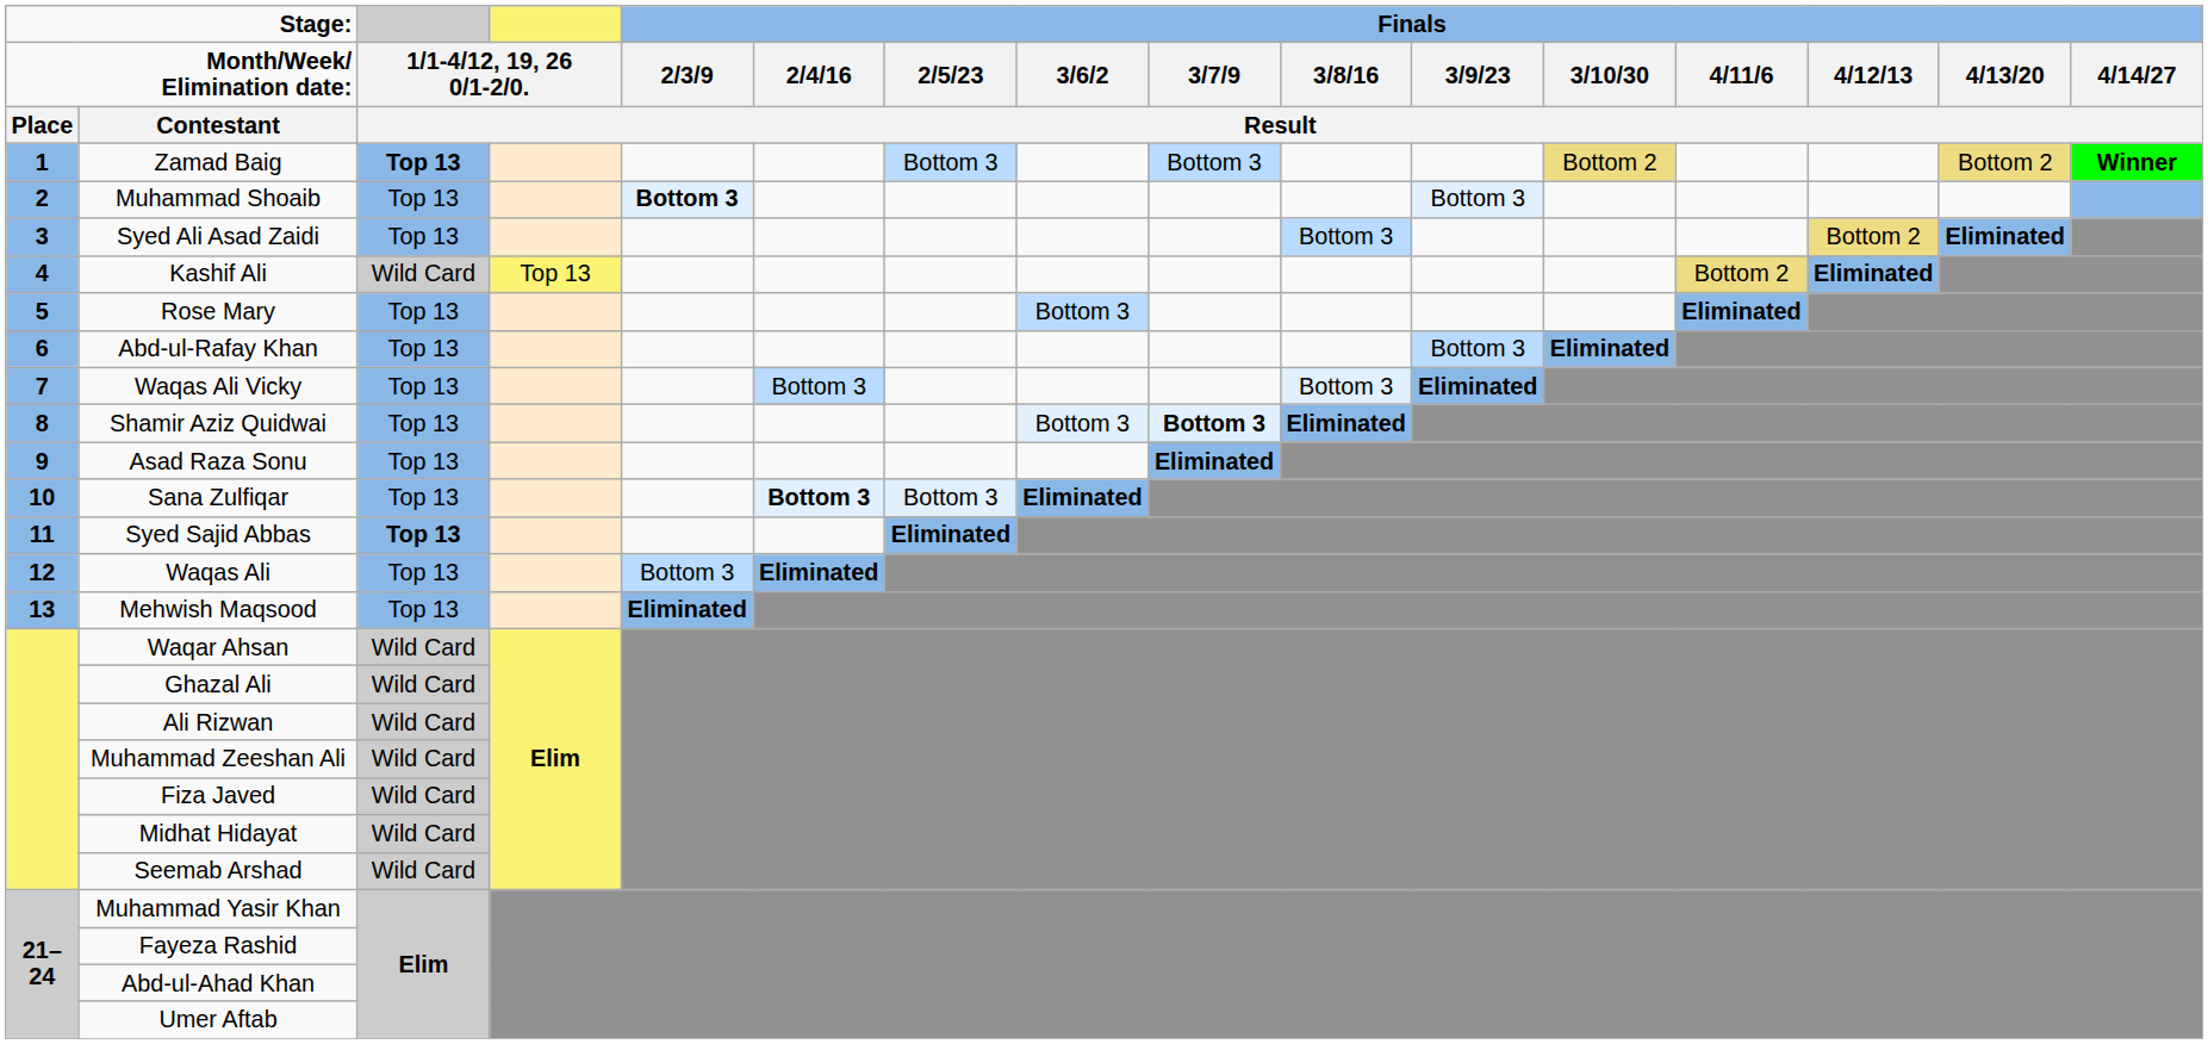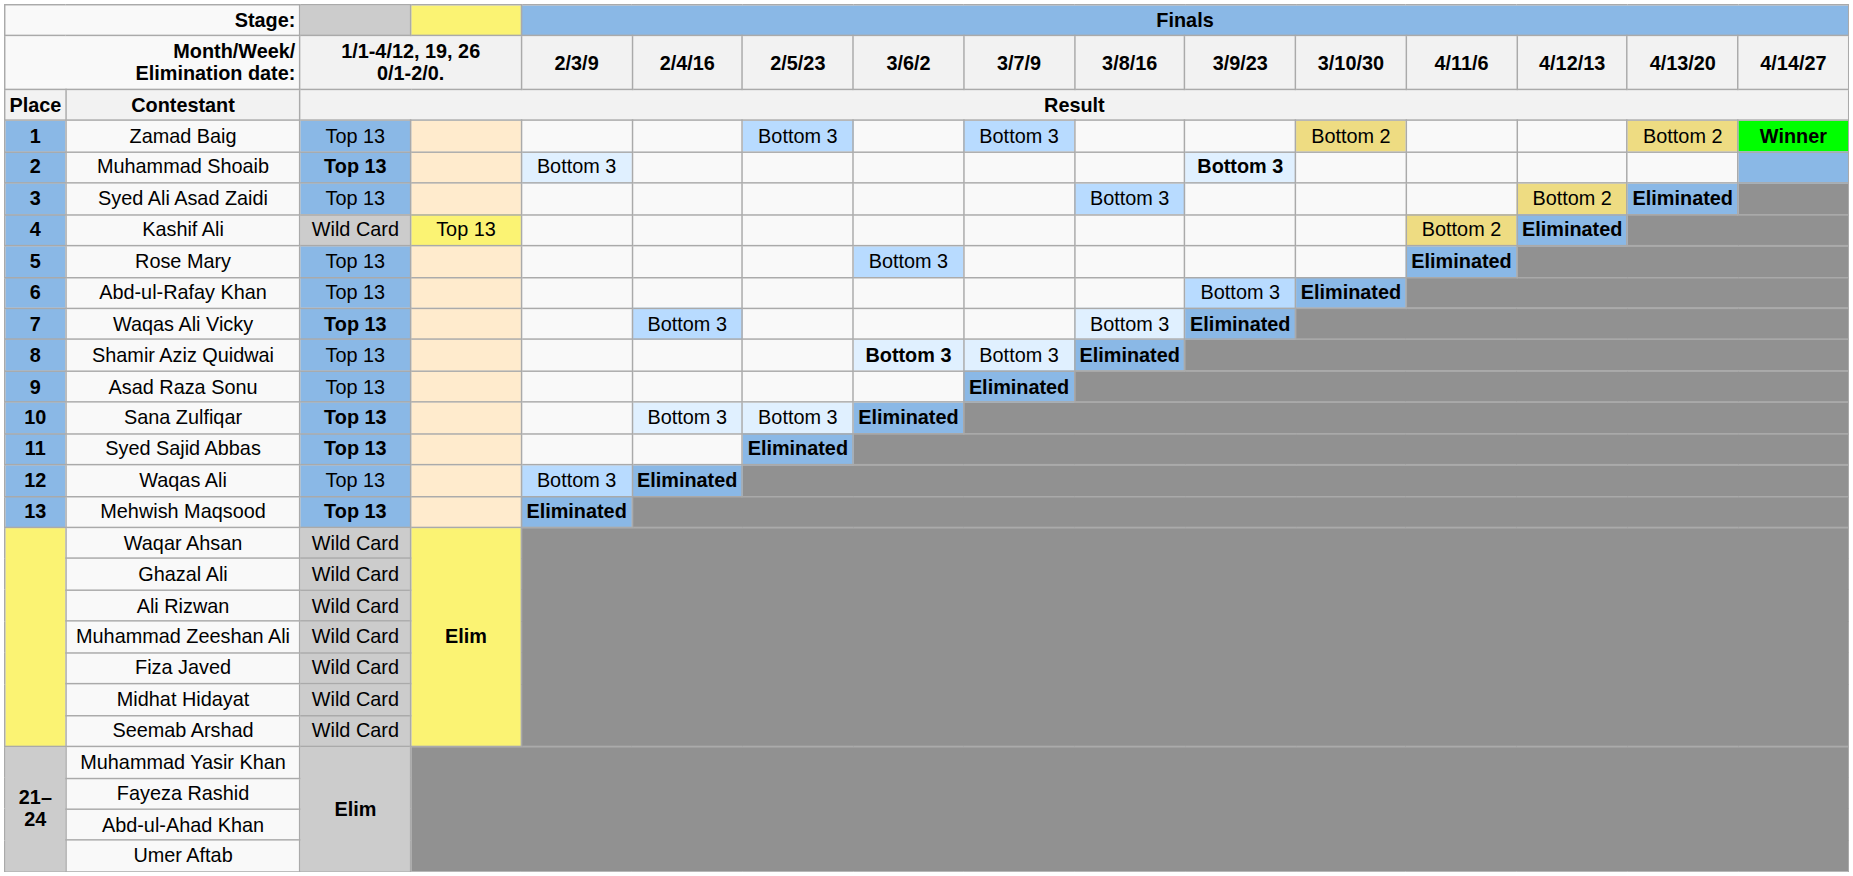 <table class="wikitable" style="margin:1em auto; text-align:center; font-size:85%">
 <tr>
 <td colspan="2" style="text-align:right;"><strong>Stage:</strong></td>
 <td style="width:6%; background:#ccc;"></td>
 <td style="width:6%; background:#fbf373;"></td>
 <td colspan="14" style="background:#8ab8e6;"><strong>Finals</strong></td>
 </tr>
 <tr>
 <td colspan="2" style="text-align:right;"><strong>Month/Week/<br>Elimination date:</strong></td>
 <th colspan="2">1/1-4/12, 19, 26 <br> 0/1-2/0.</th>
 <th width=6%>2/3/9</th>
 <th width=6%>2/4/16</th>
 <th width=6%>2/5/23</th>
 <th width=6%>3/6/2</th>
 <th width=6%>3/7/9</th>
 <th width=6%>3/8/16</th>
 <th width=6%>3/9/23</th>
 <th width=6%>3/10/30 </th>
 <th width=6%>4/11/6</th>
 <th width=6%>4/12/13</th>
 <th width=6%>4/13/20</th>
 <th width=6%>4/14/27</th>
 </tr>
 <tr>
 <th style="width:35px;">Place</th>
 <th style="width:3950px;">Contestant</th>
 <th colspan="16">Result</th>
 </tr>
 <tr>
 <td style="background:#8ab8e6;"><strong>1</strong></td>
 <td>Zamad Baig</td>
-<td style="background:#8ab8e6;"><strong>Top 13</strong></td>
+<td style="background:#8ab8e6;">Top 13</td>
 <td style="background:#FFEBCD;"></td>
 <td></td>
 <td></td>
 <td style="background:#b8dbff;">Bottom 3</td>
 <td></td>
 <td style="background:#b8dbff;">Bottom 3</td>
 <td></td>
 <td></td>
 <td style="background:#EEDC82;">Bottom 2</td>
 <td></td>
 <td></td>
 <td style="background:#EEDC82;">Bottom 2</td>
 <td style="background:lime;"><strong>Winner</strong></td>
 </tr>
 <tr>
 <td style="background:#8ab8e6;"><strong>2</strong></td>
 <td>Muhammad Shoaib</td>
-<td style="background:#8ab8e6">Top 13</td>
+<td style="background:#8ab8e6"><strong>Top 13</strong></td>
 <td style="background:#FFEBCD;"></td>
-<td style="background:#e0f0ff;"><strong>Bottom 3</strong></td>
+<td style="background:#e0f0ff;">Bottom 3</td>
 <td></td>
 <td></td>
 <td></td>
 <td></td>
 <td></td>
-<td style="background:#e0f0ff;">Bottom 3</td>
+<td style="background:#e0f0ff;"><strong>Bottom 3</strong></td>
 <td></td>
 <td></td>
 <td></td>
 <td></td>
 <td style="background:#8ab8e6;"></td>
 </tr>
 <tr>
 <td style="background:#8ab8e6;"><strong>3</strong></td>
 <td>Syed Ali Asad Zaidi</td>
 <td style="background:#8ab8e6;">Top 13</td>
 <td style="background:#FFEBCD;"></td>
 <td></td>
 <td></td>
 <td></td>
 <td></td>
 <td></td>
 <td style="background:#b8dbff;">Bottom 3</td>
 <td></td>
 <td></td>
 <td></td>
 <td style="background:#EEDC82;">Bottom 2</td>
 <td style="background:#8ab8e6;"><strong>Eliminated</strong></td>
 <td style="background:#919191;" colspan="3"></td>
 </tr>
 <tr>
 <td style="background:#8ab8e6;"><strong>4</strong></td>
 <td>Kashif Ali</td>
 <td style="background:#ccc">Wild Card</td>
 <td style="background:#fbf373">Top 13</td>
 <td></td>
 <td></td>
 <td></td>
 <td></td>
 <td></td>
 <td></td>
 <td></td>
 <td></td>
 <td style="background:#EEDC82;">Bottom 2</td>
 <td style="background:#8ab8e6;"><strong>Eliminated</strong></td>
 <td style="background:#919191;" colspan="4"></td>
 </tr>
 <tr>
 <td style="background:#8ab8e6;"><strong>5</strong></td>
 <td>Rose Mary</td>
 <td style="background:#8ab8e6">Top 13</td>
 <td style="background:#FFEBCD;"></td>
 <td></td>
 <td></td>
 <td></td>
 <td style="background:#b8dbff;">Bottom 3</td>
 <td></td>
 <td></td>
 <td></td>
 <td></td>
 <td style="background:#8ab8e6;"><strong>Eliminated</strong></td>
 <td style="background:#919191;" colspan="5"></td>
 </tr>
 <tr>
 <td style="background:#8ab8e6;"><strong>6</strong></td>
 <td>Abd-ul-Rafay Khan</td>
 <td style="background:#8ab8e6;">Top 13</td>
 <td style="background:#FFEBCD;"></td>
 <td></td>
 <td></td>
 <td></td>
 <td></td>
 <td></td>
 <td></td>
 <td style="background:#b8dbff;">Bottom 3</td>
 <td style="background:#8ab8e6;"><strong>Eliminated</strong></td>
 <td style="background:#919191;" colspan="6"></td>
 </tr>
 <tr>
 <td style="background:#8ab8e6;"><strong>7</strong></td>
 <td>Waqas Ali Vicky</td>
-<td style="background:#8ab8e6">Top 13</td>
+<td style="background:#8ab8e6"><strong>Top 13</strong></td>
 <td style="background:#FFEBCD;"></td>
 <td></td>
 <td style="background:#b8dbff;">Bottom 3</td>
 <td></td>
 <td></td>
 <td></td>
 <td style="background:#e0f0ff;">Bottom 3</td>
 <td style="background:#8ab8e6;"><strong>Eliminated</strong></td>
 <td style="background:#919191;" colspan="7"></td>
 </tr>
 <tr>
 <td style="background:#8ab8e6;"><strong>8</strong></td>
 <td>Shamir Aziz Quidwai</td>
 <td style="background:#8ab8e6;">Top 13</td>
 <td style="background:#FFEBCD;"></td>
 <td></td>
 <td></td>
 <td></td>
+<td style="background:#e0f0ff;"><strong>Bottom 3</strong></td>
 <td style="background:#e0f0ff;">Bottom 3</td>
-<td style="background:#e0f0ff;"><strong>Bottom 3</strong></td>
 <td style="background:#8ab8e6;"><strong>Eliminated</strong></td>
 <td style="background:#919191;" colspan="8"></td>
 </tr>
 <tr>
 <td style="background:#8ab8e6;"><strong>9</strong></td>
 <td>Asad Raza Sonu</td>
 <td style="background:#8ab8e6">Top 13</td>
 <td style="background:#FFEBCD;"></td>
 <td></td>
 <td></td>
 <td></td>
 <td></td>
 <td style="background:#8ab8e6;"><strong>Eliminated</strong></td>
 <td style="background:#919191;" colspan="9"></td>
 </tr>
 <tr>
 <td style="background:#8ab8e6;"><strong>10</strong></td>
 <td>Sana Zulfiqar</td>
-<td style="background:#8ab8e6">Top 13</td>
+<td style="background:#8ab8e6"><strong>Top 13</strong></td>
 <td style="background:#FFEBCD;"></td>
 <td></td>
-<td style="background:#e0f0ff;"><strong>Bottom 3</strong></td>
+<td style="background:#e0f0ff;">Bottom 3</td>
 <td style="background:#e0f0ff;">Bottom 3</td>
 <td style="background:#8ab8e6;"><strong>Eliminated</strong></td>
 <td style="background:#919191;" colspan="10"></td>
 </tr>
 <tr>
 <td style="background:#8ab8e6;"><strong>11</strong></td>
 <td>Syed Sajid Abbas</td>
 <td style="background:#8ab8e6"><strong>Top 13</strong></td>
 <td style="background:#FFEBCD;"></td>
 <td></td>
 <td></td>
 <td style="background:#8ab8e6;"><strong>Eliminated</strong></td>
 <td style="background:#919191;" colspan="11"></td>
 </tr>
 <tr>
 <td style="background:#8ab8e6;"><strong>12</strong></td>
 <td>Waqas Ali</td>
 <td style="background:#8ab8e6">Top 13</td>
 <td style="background:#FFEBCD;"></td>
 <td style="background:#b8dbff;">Bottom 3</td>
 <td style="background:#8ab8e6;"><strong>Eliminated</strong></td>
 <td style="background:#919191;" colspan="12"></td>
 </tr>
 <tr>
 <td style="background:#8ab8e6;"><strong>13</strong></td>
 <td>Mehwish Maqsood</td>
-<td style="background:#8ab8e6;">Top 13</td>
+<td style="background:#8ab8e6;"><strong>Top 13</strong></td>
 <td style="background:#FFEBCD;"></td>
 <td style="background:#8ab8e6;"><strong>Eliminated</strong></td>
 <td style="background:#919191;" colspan="13"></td>
 </tr>
 <tr>
 <td style="background:#fbf373;" rowspan="7"></td>
 <td>Waqar Ahsan</td>
 <td style="background:#ccc;">Wild Card</td>
 <td style="background:#fbf373;" rowspan="7"><strong>Elim</strong></td>
 <td style="background:#919191;" colspan="14" rowspan="7"></td>
 </tr>
 <tr>
 <td>Ghazal Ali</td>
 <td style="background:#ccc;">Wild Card</td>
 </tr>
 <tr>
 <td>Ali Rizwan</td>
 <td style="background:#ccc;">Wild Card</td>
 </tr>
 <tr>
 <td>Muhammad Zeeshan Ali</td>
 <td style="background:#ccc;">Wild Card</td>
 </tr>
 <tr>
 <td>Fiza Javed</td>
 <td style="background:#ccc;">Wild Card</td>
 </tr>
 <tr>
 <td>Midhat Hidayat</td>
 <td style="background:#ccc;">Wild Card</td>
 </tr>
 <tr>
 <td>Seemab Arshad</td>
 <td style="background:#ccc;">Wild Card</td>
 </tr>
 <tr>
 <td style="background:#ccc;" rowspan="4"><strong>21–24</strong></td>
 <td>Muhammad Yasir Khan</td>
 <td style="background:#ccc;" rowspan="4"><strong>Elim</strong></td>
 <td style="background:#919191;" colspan="15" rowspan="4"></td>
 </tr>
 <tr>
 <td>Fayeza Rashid</td>
 </tr>
 <tr>
 <td>Abd-ul-Ahad Khan</td>
 </tr>
 <tr>
 <td>Umer Aftab</td>
 </tr>
 </table>
